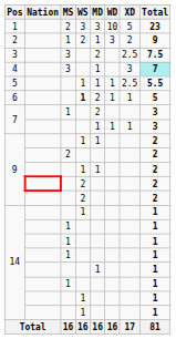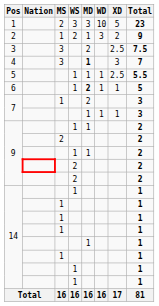 <table class="wikitable" style="text-align:center">
 <tr>
 <th>Pos</th>
 <th>Nation</th>
 <th>MS</th>
 <th>WS</th>
 <th>MD</th>
 <th>WD</th>
 <th>XD</th>
 <th>Total</th>
 </tr>
 <tr>
 <td>1</td>
 <td align="left"></td>
 <td>2</td>
 <td>3</td>
 <td>3</td>
 <td>10</td>
 <td>5</td>
 <td><strong>23</strong></td>
 </tr>
 <tr>
 <td>2</td>
 <td align="left"></td>
 <td>1</td>
 <td>2</td>
 <td>1</td>
 <td>3</td>
 <td>2</td>
 <td><strong>9</strong></td>
 </tr>
 <tr>
 <td>3</td>
 <td align="left"></td>
 <td>3</td>
 <td></td>
 <td>2</td>
 <td></td>
 <td>2.5</td>
 <td><strong>7.5</strong></td>
 </tr>
 <tr>
 <td>4</td>
 <td align="left"></td>
 <td>3</td>
 <td></td>
-<td>1</td>
+<td><strong>1</strong></td>
 <td></td>
 <td>3</td>
-<td style="background: paleturquoise;"><strong>7</strong></td>
+<td><strong>7</strong></td>
 </tr>
 <tr>
 <td>5</td>
 <td align="left"></td>
 <td></td>
 <td>1</td>
 <td>1</td>
 <td>1</td>
 <td>2.5</td>
 <td><strong>5.5</strong></td>
 </tr>
 <tr>
 <td>6</td>
 <td align="left"></td>
 <td></td>
-<td><strong>1</strong></td>
-<td>2</td>
+<td>1</td>
+<td><strong>2</strong></td>
 <td>1</td>
 <td>1</td>
 <td><strong>5</strong></td>
 </tr>
 <tr>
 <td rowspan="2">7</td>
 <td align="left"></td>
 <td>1</td>
 <td></td>
 <td>2</td>
 <td></td>
 <td></td>
 <td><strong>3</strong></td>
 </tr>
 <tr>
 <td align="left"></td>
 <td></td>
 <td></td>
 <td>1</td>
 <td>1</td>
 <td>1</td>
 <td><strong>3</strong></td>
 </tr>
 <tr>
 <td rowspan="5">9</td>
 <td align="left"></td>
 <td></td>
 <td>1</td>
 <td>1</td>
 <td></td>
 <td></td>
 <td><strong>2</strong></td>
 </tr>
 <tr>
 <td align="left"></td>
 <td>2</td>
 <td></td>
 <td></td>
 <td></td>
 <td></td>
 <td><strong>2</strong></td>
 </tr>
 <tr>
 <td align="left"></td>
 <td></td>
 <td>1</td>
 <td>1</td>
 <td></td>
 <td></td>
 <td><strong>2</strong></td>
 </tr>
 <tr>
 <td align="left" style="border: 3px solid red"><strong></strong></td>
 <td></td>
 <td>2</td>
 <td></td>
 <td></td>
 <td></td>
 <td><strong>2</strong></td>
 </tr>
 <tr>
 <td align="left"></td>
 <td></td>
 <td>2</td>
 <td></td>
 <td></td>
 <td></td>
 <td><strong>2</strong></td>
 </tr>
 <tr>
 <td rowspan="8">14</td>
 <td align="left"></td>
 <td></td>
 <td>1</td>
 <td></td>
 <td></td>
 <td></td>
 <td><strong>1</strong></td>
 </tr>
 <tr>
 <td align="left"></td>
 <td>1</td>
 <td></td>
 <td></td>
 <td></td>
 <td></td>
 <td><strong>1</strong></td>
 </tr>
 <tr>
 <td align="left"></td>
 <td>1</td>
 <td></td>
 <td></td>
 <td></td>
 <td></td>
 <td><strong>1</strong></td>
 </tr>
 <tr>
 <td align="left"></td>
 <td>1</td>
 <td></td>
 <td></td>
 <td></td>
 <td></td>
 <td><strong>1</strong></td>
 </tr>
 <tr>
 <td align="left"></td>
 <td></td>
 <td></td>
 <td>1</td>
 <td></td>
 <td></td>
 <td><strong>1</strong></td>
 </tr>
 <tr>
 <td align="left"></td>
 <td>1</td>
 <td></td>
 <td></td>
 <td></td>
 <td></td>
 <td><strong>1</strong></td>
 </tr>
 <tr>
 <td align="left"></td>
 <td></td>
 <td>1</td>
 <td></td>
 <td></td>
 <td></td>
 <td><strong>1</strong></td>
 </tr>
 <tr>
 <td align="left"></td>
 <td></td>
 <td>1</td>
 <td></td>
 <td></td>
 <td></td>
 <td><strong>1</strong></td>
 </tr>
 <tr>
 <th colspan="2">Total</th>
 <th>16</th>
 <th>16</th>
 <th>16</th>
 <th>16</th>
 <th>17</th>
 <th>81</th>
 </tr>
 </table>
